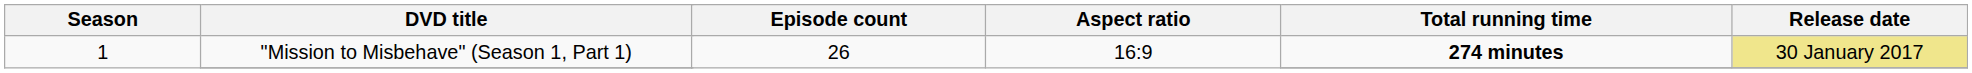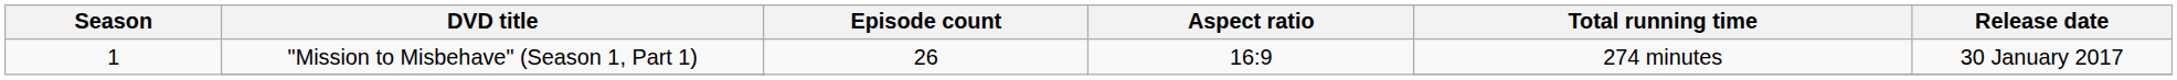 <table class="wikitable" width="100%" style="vertical-align:top">
 <tr>
 <th width="10%">Season</th>
 <th colspan="2" width="25%">DVD title</th>
 <th width="15%">Episode count</th>
 <th width="15%">Aspect ratio</th>
 <th width="23%">Total running time</th>
 <th width="12%">Release date</th>
 </tr>
 <tr>
 <td rowspan="2" align="center">1</td>
 <td colspan="2" align="center">"Mission to Misbehave" (Season 1, Part 1)</td>
 <td rowspan="5" align="center">26</td>
 <td rowspan="7" align="center">16:9</td>
-<td align="center"><strong>274 minutes</strong></td>
-<td align="center" style="background: khaki;">30 January 2017</td>
+<td align="center">274 minutes</td>
+<td align="center">30 January 2017</td>
 </tr>
 <tr>
 </tr>
 </table>
